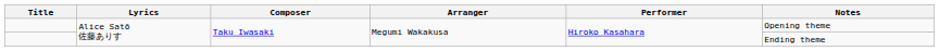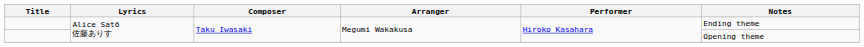 <table class="wikitable" style="width:90%;">
 <tr>
 <th>Title</th>
 <th>Lyrics</th>
 <th>Composer</th>
 <th>Arranger</th>
 <th>Performer</th>
 <th>Notes</th>
 </tr>
 <tr>
 <td></td>
 <td rowspan="2">Alice Satō<br>佐藤ありす</td>
 <td rowspan="2"><a href='#'>Taku Iwasaki</a></td>
 <td rowspan="2">Megumi Wakakusa</td>
 <td rowspan="2"><a href='#'>Hiroko Kasahara</a></td>
-<td>Opening theme</td>
+<td>Ending theme</td>
 </tr>
 <tr>
 <td></td>
-<td>Ending theme</td>
+<td>Opening theme</td>
 </tr>
 </table>
